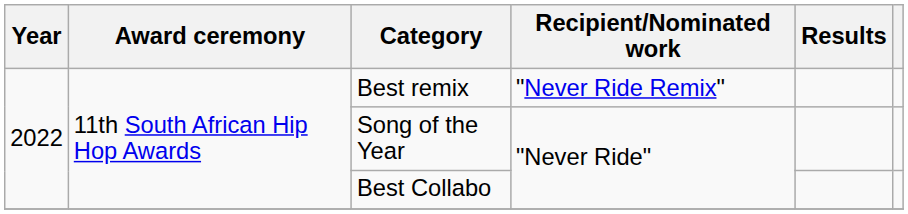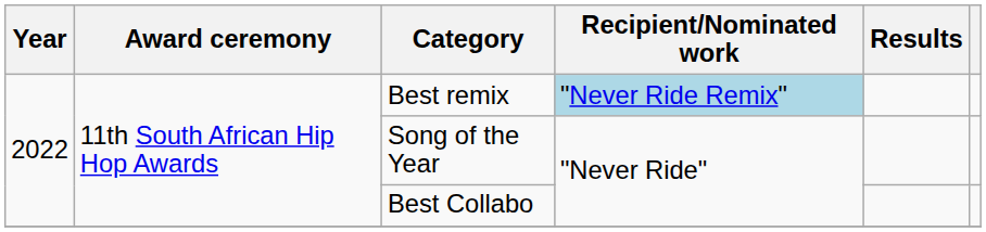 <table class="wikitable">
 <tr>
 <th>Year</th>
 <th>Award ceremony</th>
 <th>Category</th>
 <th>Recipient/Nominated work</th>
 <th>Results</th>
 <th></th>
 </tr>
 <tr>
 <td rowspan="3">2022</td>
 <td rowspan="3">11th <a href='#'>South African Hip Hop Awards</a></td>
 <td>Best remix</td>
-<td>"<a href='#'>Never Ride Remix</a>"</td>
+<td style="background: lightblue;">"<a href='#'>Never Ride Remix</a>"</td>
 <td></td>
 <td></td>
 </tr>
 <tr>
 <td>Song of the Year</td>
 <td rowspan="2">"Never Ride"</td>
 <td></td>
 <td></td>
 </tr>
 <tr>
 <td>Best Collabo</td>
 <td></td>
 <td></td>
 </tr>
 <tr>
 </tr>
 </table>
